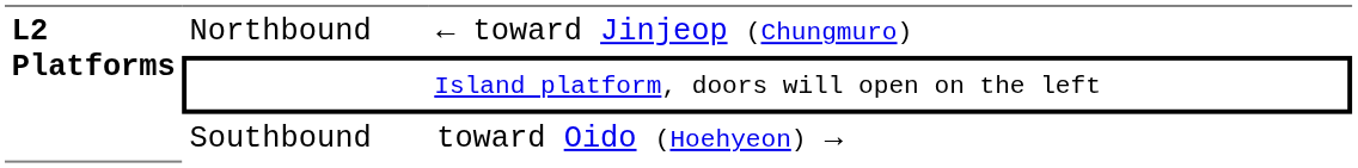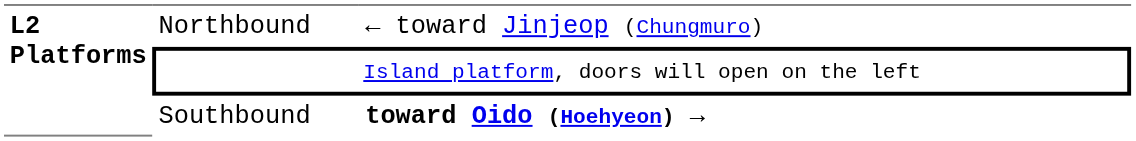 <table table border=0 cellspacing=0 cellpadding=3>
 <tr>
 <td style="border-top:solid 1px gray;border-bottom:solid 1px gray;" width=50 rowspan=10 valign=top><strong>L2<br>Platforms</strong></td>
 <td style="border-bottom:solid 0px gray;border-top:solid 1px gray;" width=100>Northbound</td>
 <td style="border-bottom:solid 0px gray;border-top:solid 1px gray;" width=390>←  toward <a href='#'>Jinjeop</a> <small>(<a href='#'>Chungmuro</a>)</small></td>
 </tr>
 <tr>
 <td style="border-top:solid 2px black;border-right:solid 2px black;border-left:solid 2px black;border-bottom:solid 2px black;text-align:center;" colspan=2><small><a href='#'>Island platform</a>, doors will open on the left</small></td>
 </tr>
 <tr>
 <td>Southbound</td>
-<td>  toward <a href='#'>Oido</a> <small>(<a href='#'>Hoehyeon</a>)</small> →</td>
+<td><strong>  toward <a href='#'>Oido</a> <small>(<a href='#'>Hoehyeon</a>)</small> →</strong></td>
 </tr>
 </table>
